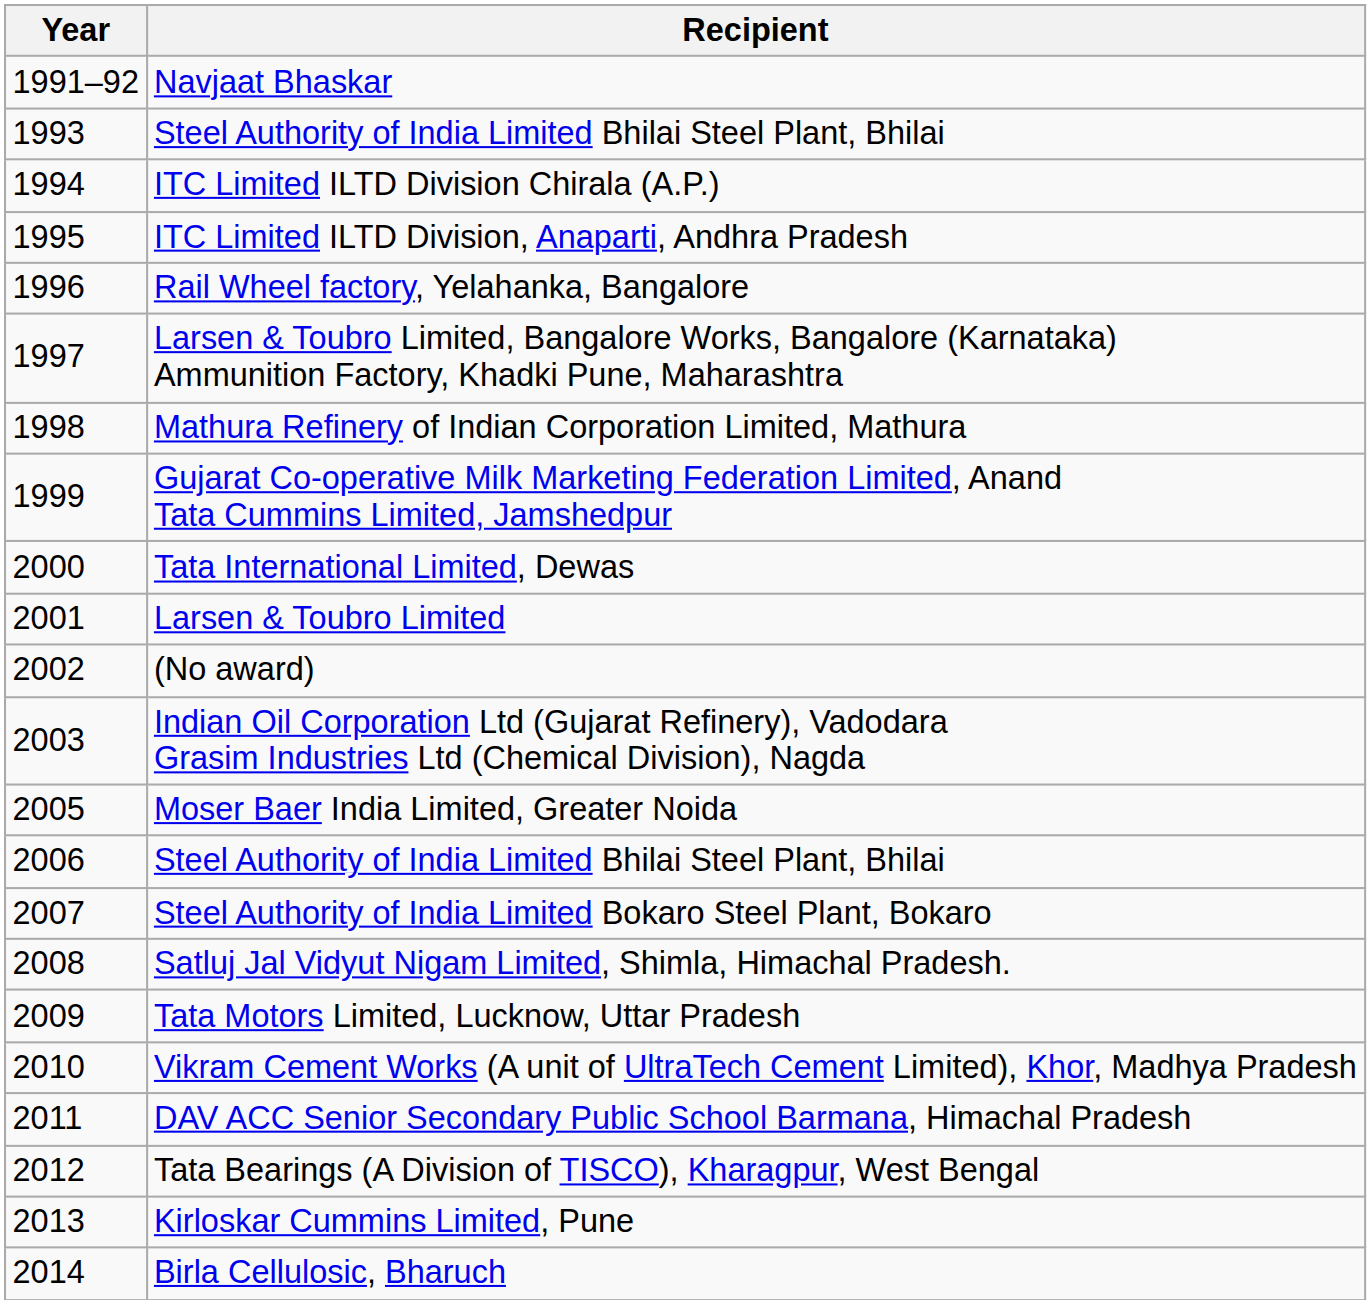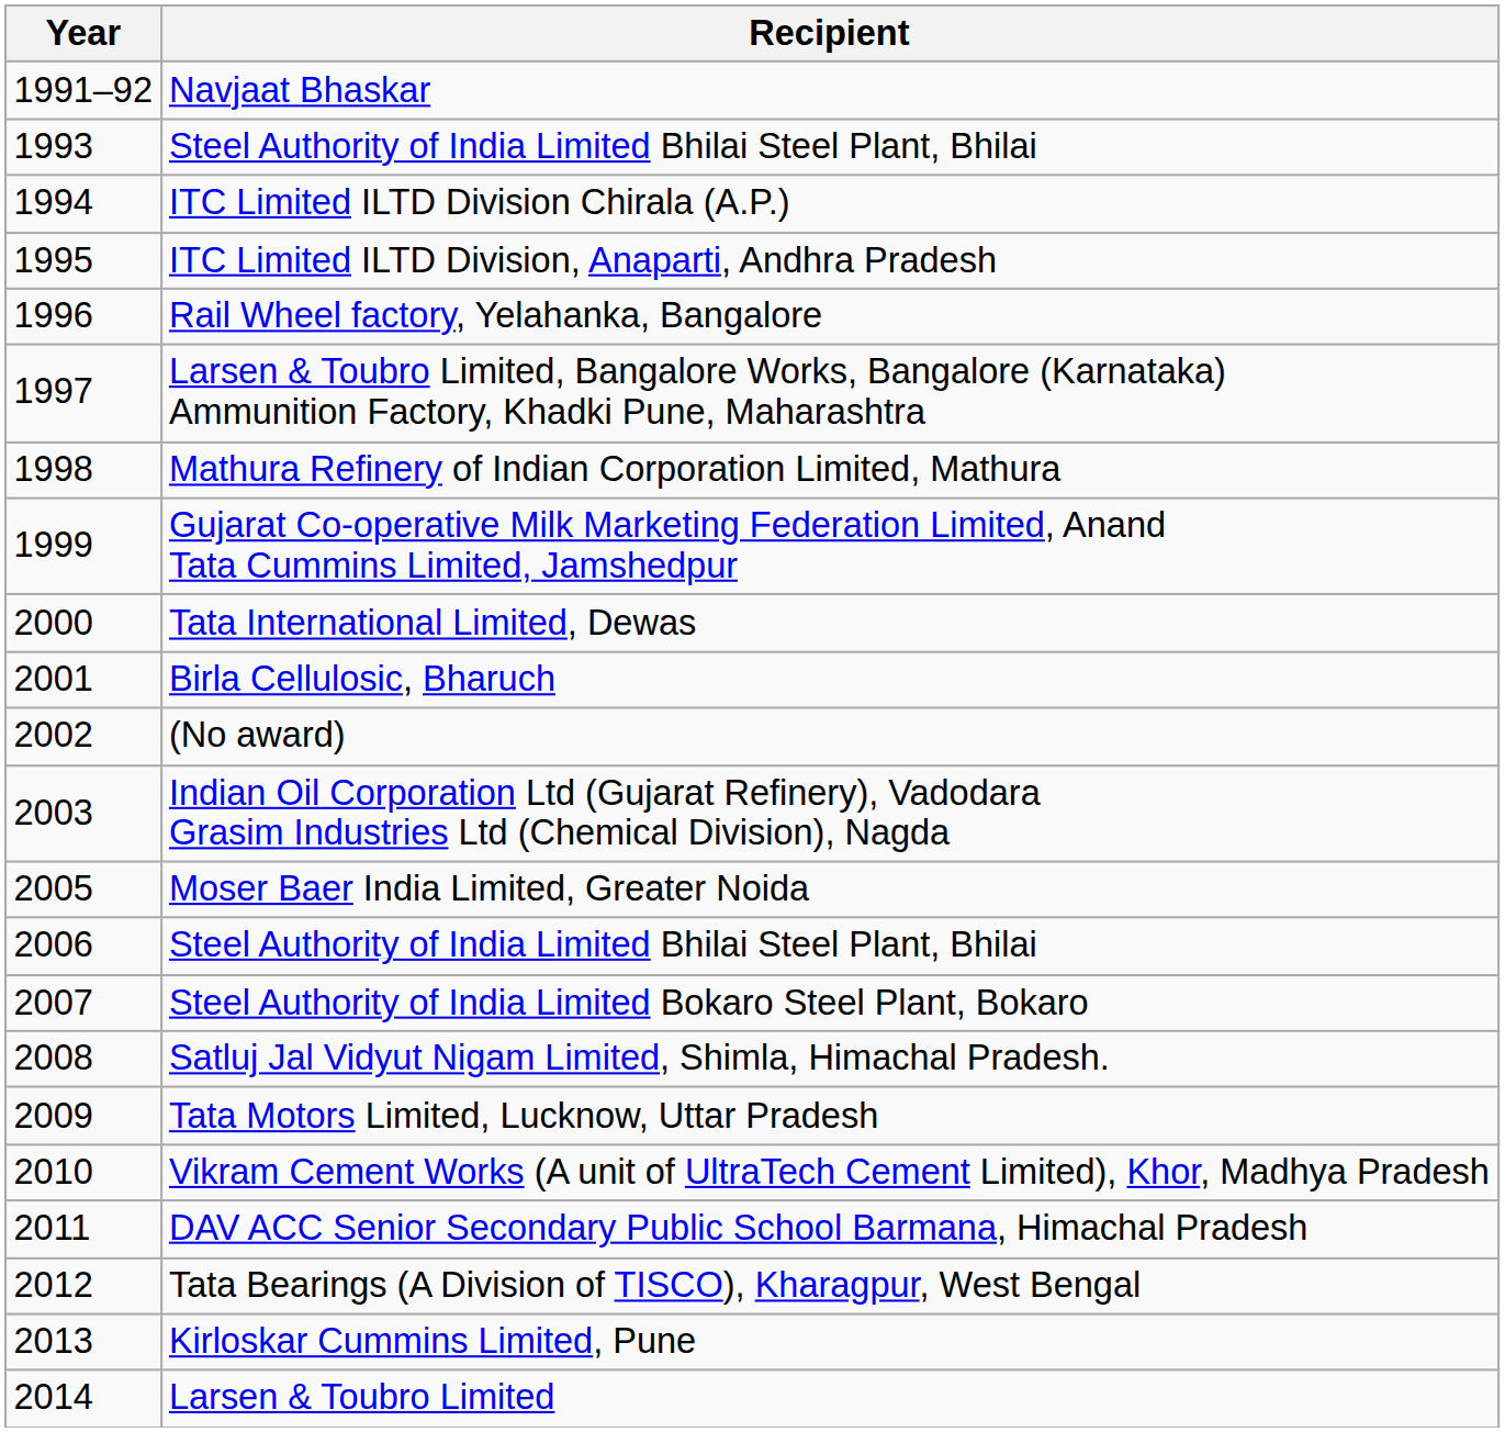 <table class="wikitable sortable">
 <tr>
 <th>Year</th>
 <th>Recipient</th>
 </tr>
 <tr>
 <td>1991–92</td>
 <td><a href='#'>Navjaat Bhaskar</a></td>
 </tr>
 <tr>
 <td>1993</td>
 <td><a href='#'>Steel Authority of India Limited</a> Bhilai Steel Plant, Bhilai</td>
 </tr>
 <tr>
 <td>1994</td>
 <td><a href='#'>ITC Limited</a> ILTD Division Chirala (A.P.)</td>
 </tr>
 <tr>
 <td>1995</td>
 <td><a href='#'>ITC Limited</a> ILTD Division, <a href='#'>Anaparti</a>, Andhra Pradesh</td>
 </tr>
 <tr>
 <td>1996</td>
 <td><a href='#'>Rail Wheel factory</a>, Yelahanka, Bangalore</td>
 </tr>
 <tr>
 <td>1997</td>
 <td><a href='#'>Larsen & Toubro</a> Limited, Bangalore Works, Bangalore (Karnataka)<br>Ammunition Factory, Khadki Pune, Maharashtra</td>
 </tr>
 <tr>
 <td>1998</td>
 <td><a href='#'>Mathura Refinery</a> of Indian Corporation Limited, Mathura</td>
 </tr>
 <tr>
 <td>1999</td>
 <td><a href='#'>Gujarat Co-operative Milk Marketing Federation Limited</a>, Anand<br><a href='#'>Tata Cummins Limited, Jamshedpur</a></td>
 </tr>
 <tr>
 <td>2000</td>
 <td><a href='#'>Tata International Limited</a>, Dewas</td>
 </tr>
 <tr>
 <td>2001</td>
-<td><a href='#'>Larsen & Toubro Limited</a></td>
+<td><a href='#'>Birla Cellulosic</a>, <a href='#'>Bharuch</a></td>
 </tr>
 <tr>
 <td>2002</td>
 <td>(No award)</td>
 </tr>
 <tr>
 <td>2003</td>
 <td><a href='#'>Indian Oil Corporation</a> Ltd (Gujarat Refinery), Vadodara<br><a href='#'>Grasim Industries</a> Ltd (Chemical Division), Nagda</td>
 </tr>
 <tr>
 <td>2005</td>
 <td><a href='#'>Moser Baer</a> India Limited, Greater Noida</td>
 </tr>
 <tr>
 <td>2006</td>
 <td><a href='#'>Steel Authority of India Limited</a> Bhilai Steel Plant, Bhilai</td>
 </tr>
 <tr>
 <td>2007</td>
 <td><a href='#'>Steel Authority of India Limited</a> Bokaro Steel Plant, Bokaro</td>
 </tr>
 <tr>
 <td>2008</td>
 <td><a href='#'>Satluj Jal Vidyut Nigam Limited</a>, Shimla, Himachal Pradesh.</td>
 </tr>
 <tr>
 <td>2009</td>
 <td><a href='#'>Tata Motors</a> Limited, Lucknow, Uttar Pradesh</td>
 </tr>
 <tr>
 <td>2010</td>
 <td><a href='#'>Vikram Cement Works</a> (A unit of <a href='#'>UltraTech Cement</a> Limited), <a href='#'>Khor</a>, Madhya Pradesh</td>
 </tr>
 <tr>
 <td>2011</td>
 <td><a href='#'>DAV ACC Senior Secondary Public School Barmana</a>, Himachal Pradesh</td>
 </tr>
 <tr>
 <td>2012</td>
 <td>Tata Bearings (A Division of <a href='#'>TISCO</a>), <a href='#'>Kharagpur</a>, West Bengal</td>
 </tr>
 <tr>
 <td>2013</td>
 <td><a href='#'>Kirloskar Cummins Limited</a>, Pune</td>
 </tr>
 <tr>
 <td>2014</td>
-<td><a href='#'>Birla Cellulosic</a>, <a href='#'>Bharuch</a></td>
+<td><a href='#'>Larsen & Toubro Limited</a></td>
 </tr>
 </table>
